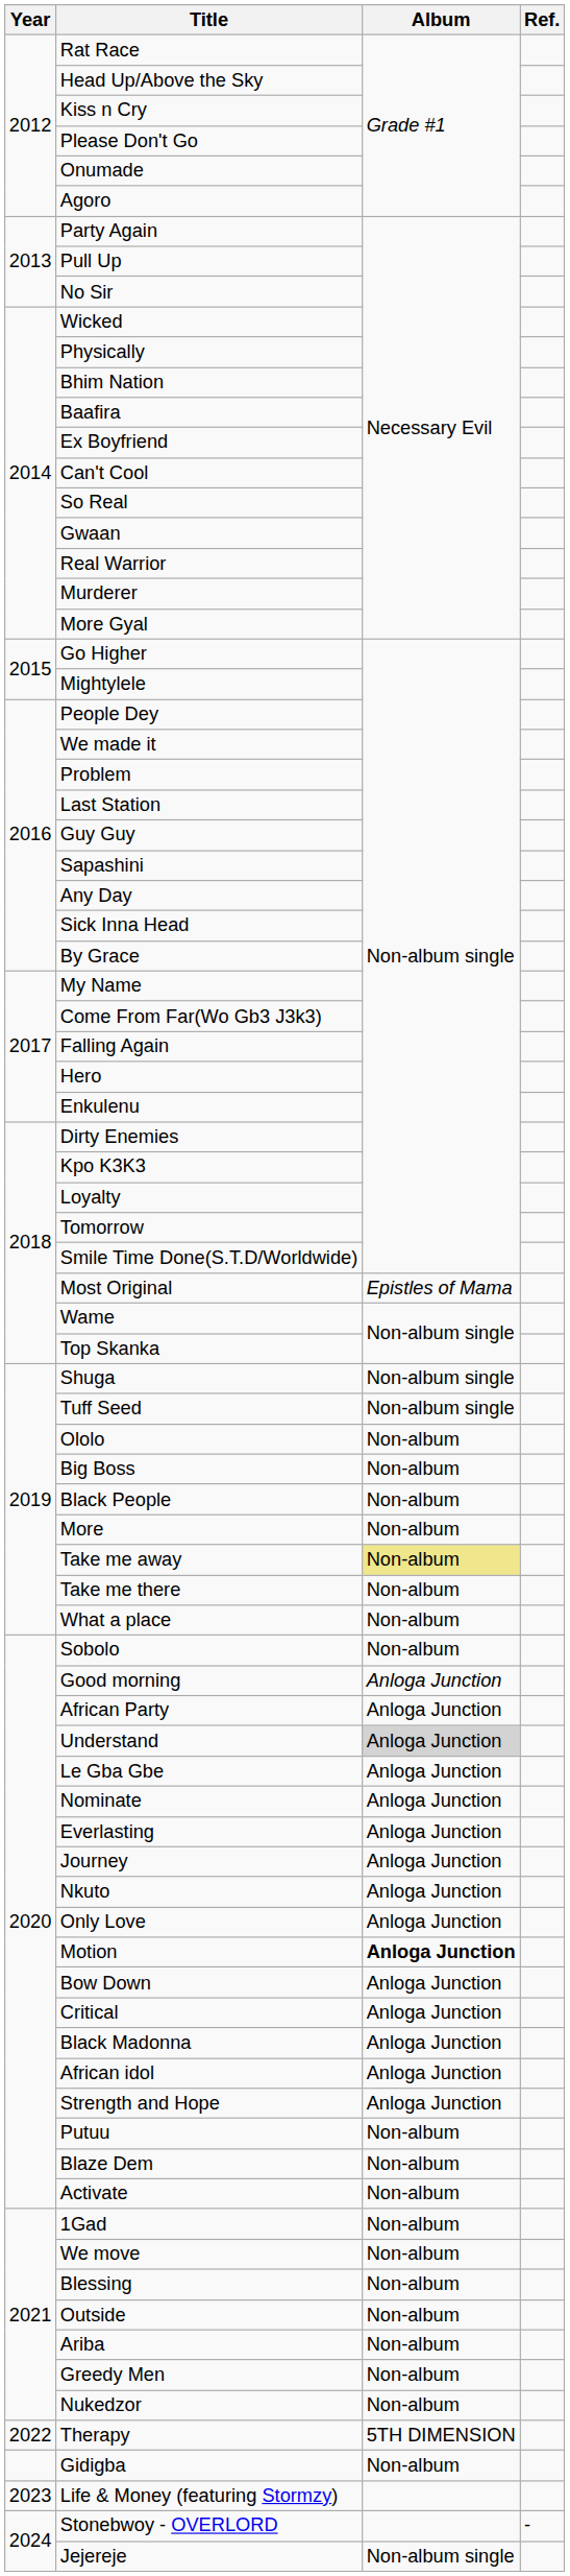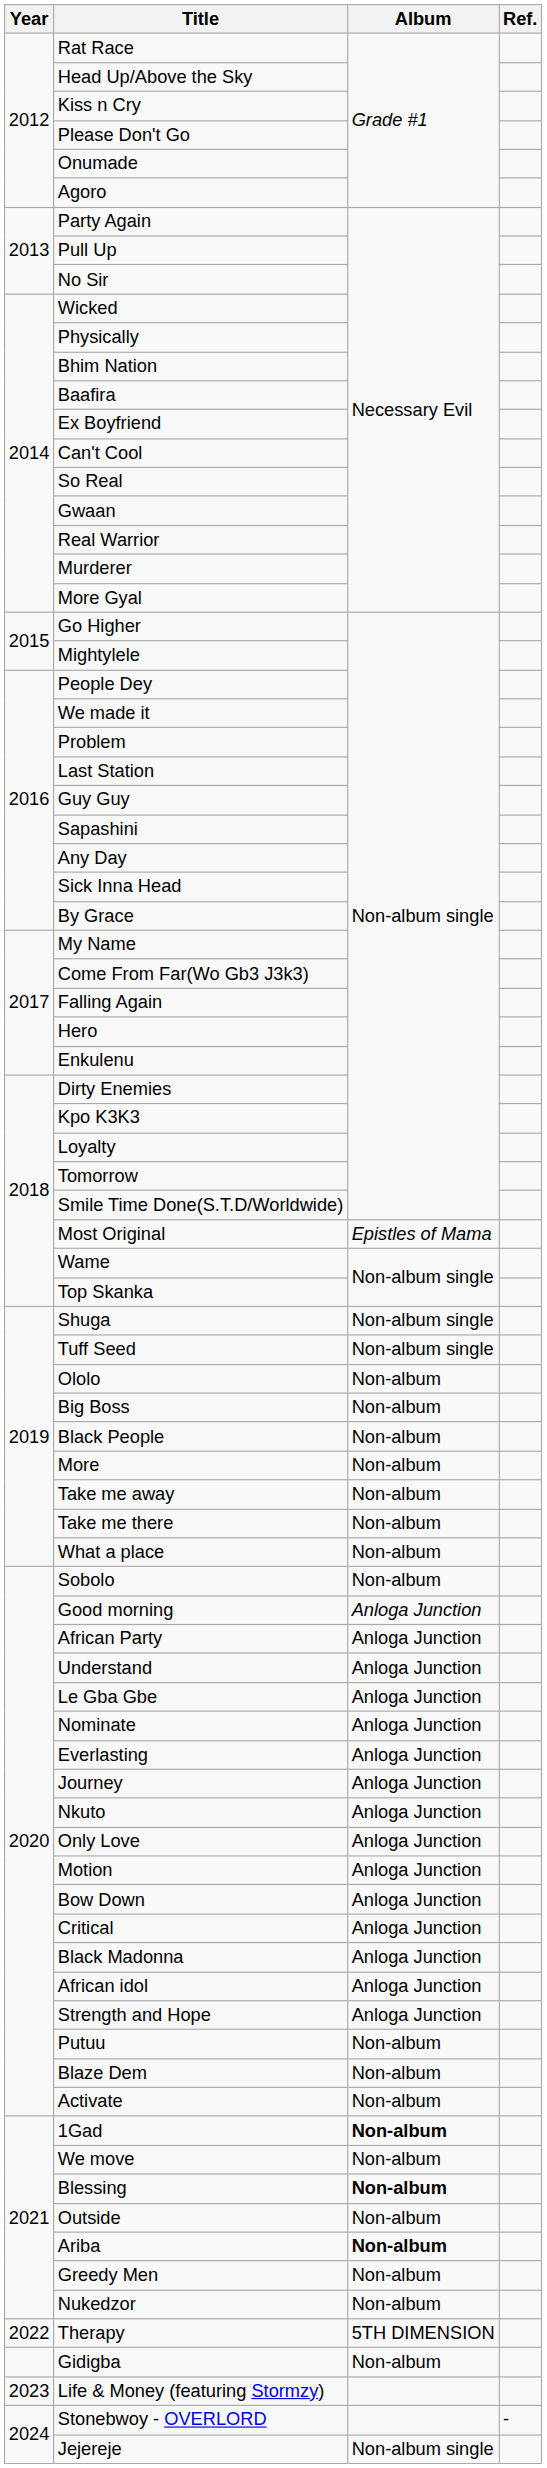 <table class="wikitable">
 <tr>
 <th>Year</th>
 <th>Title</th>
 <th>Album</th>
 <th>Ref.</th>
 </tr>
 <tr>
 <td rowspan="6">2012</td>
 <td>Rat Race</td>
 <td rowspan="6"><em>Grade #1</em></td>
 <td></td>
 </tr>
 <tr>
 <td>Head Up/Above the Sky</td>
 <td></td>
 </tr>
 <tr>
 <td>Kiss n Cry</td>
 <td></td>
 </tr>
 <tr>
 <td>Please Don't Go</td>
 <td></td>
 </tr>
 <tr>
 <td>Onumade</td>
 <td></td>
 </tr>
 <tr>
 <td>Agoro</td>
 <td></td>
 </tr>
 <tr>
 <td rowspan="3">2013</td>
 <td>Party Again</td>
 <td rowspan="14">Necessary Evil</td>
 <td></td>
 </tr>
 <tr>
 <td>Pull Up</td>
 <td></td>
 </tr>
 <tr>
 <td>No Sir</td>
 <td></td>
 </tr>
 <tr>
 <td rowspan="11">2014</td>
 <td>Wicked</td>
 <td></td>
 </tr>
 <tr>
 <td>Physically</td>
 <td></td>
 </tr>
 <tr>
 <td>Bhim Nation</td>
 <td></td>
 </tr>
 <tr>
 <td>Baafira</td>
 <td></td>
 </tr>
 <tr>
 <td>Ex Boyfriend</td>
 <td></td>
 </tr>
 <tr>
 <td>Can't Cool</td>
 <td></td>
 </tr>
 <tr>
 <td>So Real</td>
 <td></td>
 </tr>
 <tr>
 <td>Gwaan</td>
 <td></td>
 </tr>
 <tr>
 <td>Real Warrior</td>
 <td></td>
 </tr>
 <tr>
 <td>Murderer</td>
 <td></td>
 </tr>
 <tr>
 <td>More Gyal</td>
 <td></td>
 </tr>
 <tr>
 <td rowspan="2">2015</td>
 <td>Go Higher</td>
 <td rowspan="21">Non-album single</td>
 <td></td>
 </tr>
 <tr>
 <td>Mightylele</td>
 <td></td>
 </tr>
 <tr>
 <td rowspan="9">2016</td>
 <td>People Dey</td>
 <td></td>
 </tr>
 <tr>
 <td>We made it</td>
 <td></td>
 </tr>
 <tr>
 <td>Problem</td>
 <td></td>
 </tr>
 <tr>
 <td>Last Station</td>
 <td></td>
 </tr>
 <tr>
 <td>Guy Guy</td>
 <td></td>
 </tr>
 <tr>
 <td>Sapashini</td>
 <td></td>
 </tr>
 <tr>
 <td>Any Day</td>
 <td></td>
 </tr>
 <tr>
 <td>Sick Inna Head</td>
 <td></td>
 </tr>
 <tr>
 <td>By Grace</td>
 <td></td>
 </tr>
 <tr>
 <td rowspan="5">2017</td>
 <td>My Name</td>
 <td></td>
 </tr>
 <tr>
 <td>Come From Far(Wo Gb3 J3k3)</td>
 <td></td>
 </tr>
 <tr>
 <td>Falling Again</td>
 <td></td>
 </tr>
 <tr>
 <td>Hero</td>
 <td></td>
 </tr>
 <tr>
 <td>Enkulenu</td>
 <td></td>
 </tr>
 <tr>
 <td rowspan="8">2018</td>
 <td>Dirty Enemies</td>
 <td></td>
 </tr>
 <tr>
 <td>Kpo K3K3</td>
 <td></td>
 </tr>
 <tr>
 <td>Loyalty</td>
 <td></td>
 </tr>
 <tr>
 <td>Tomorrow</td>
 <td></td>
 </tr>
 <tr>
 <td>Smile Time Done(S.T.D/Worldwide)</td>
 <td></td>
 </tr>
 <tr>
 <td>Most Original</td>
 <td><em>Epistles of Mama</em></td>
 <td></td>
 </tr>
 <tr>
 <td>Wame</td>
 <td rowspan="2">Non-album single</td>
 <td></td>
 </tr>
 <tr>
 <td>Top Skanka</td>
 <td></td>
 </tr>
 <tr>
 <td rowspan="9">2019</td>
 <td>Shuga</td>
 <td>Non-album single</td>
 <td></td>
 </tr>
 <tr>
 <td>Tuff Seed</td>
 <td>Non-album single</td>
 <td></td>
 </tr>
 <tr>
 <td>Ololo</td>
 <td>Non-album</td>
 <td></td>
 </tr>
 <tr>
 <td>Big Boss</td>
 <td>Non-album</td>
 <td></td>
 </tr>
 <tr>
 <td>Black People</td>
 <td>Non-album</td>
 <td></td>
 </tr>
 <tr>
 <td>More</td>
 <td>Non-album</td>
 <td></td>
 </tr>
 <tr>
 <td>Take me away</td>
-<td style="background: khaki;">Non-album</td>
+<td>Non-album</td>
 <td></td>
 </tr>
 <tr>
 <td>Take me there</td>
 <td>Non-album</td>
 <td></td>
 </tr>
 <tr>
 <td>What a place</td>
 <td>Non-album</td>
 <td></td>
 </tr>
 <tr>
 <td rowspan="19">2020</td>
 <td>Sobolo</td>
 <td>Non-album</td>
 <td></td>
 </tr>
 <tr>
 <td>Good morning</td>
 <td><em>Anloga Junction</em></td>
 <td></td>
 </tr>
 <tr>
 <td>African Party</td>
 <td>Anloga Junction</td>
 <td></td>
 </tr>
 <tr>
 <td>Understand</td>
-<td style="background: lightgrey;">Anloga Junction</td>
+<td>Anloga Junction</td>
 <td></td>
 </tr>
 <tr>
 <td>Le Gba Gbe</td>
 <td>Anloga Junction</td>
 <td></td>
 </tr>
 <tr>
 <td>Nominate</td>
 <td>Anloga Junction</td>
 <td></td>
 </tr>
 <tr>
 <td>Everlasting</td>
 <td>Anloga Junction</td>
 <td></td>
 </tr>
 <tr>
 <td>Journey</td>
 <td>Anloga Junction</td>
 <td></td>
 </tr>
 <tr>
 <td>Nkuto</td>
 <td>Anloga Junction</td>
 <td></td>
 </tr>
 <tr>
 <td>Only Love</td>
 <td>Anloga Junction</td>
 <td></td>
 </tr>
 <tr>
 <td>Motion</td>
-<td><strong>Anloga Junction</strong></td>
+<td>Anloga Junction</td>
 <td></td>
 </tr>
 <tr>
 <td>Bow Down</td>
 <td>Anloga Junction</td>
 <td></td>
 </tr>
 <tr>
 <td>Critical</td>
 <td>Anloga Junction</td>
 <td></td>
 </tr>
 <tr>
 <td>Black Madonna</td>
 <td>Anloga Junction</td>
 <td></td>
 </tr>
 <tr>
 <td>African idol</td>
 <td>Anloga Junction</td>
 <td></td>
 </tr>
 <tr>
 <td>Strength and Hope</td>
 <td>Anloga Junction</td>
 <td></td>
 </tr>
 <tr>
 <td>Putuu</td>
 <td>Non-album</td>
 <td></td>
 </tr>
 <tr>
 <td>Blaze Dem</td>
 <td>Non-album</td>
 <td></td>
 </tr>
 <tr>
 <td>Activate</td>
 <td>Non-album</td>
 <td></td>
 </tr>
 <tr>
 <td rowspan="7">2021</td>
 <td>1Gad</td>
-<td>Non-album</td>
+<td><strong>Non-album</strong></td>
 <td></td>
 </tr>
 <tr>
 <td>We move</td>
 <td>Non-album</td>
 <td></td>
 </tr>
 <tr>
 <td>Blessing</td>
-<td>Non-album</td>
+<td><strong>Non-album</strong></td>
 <td></td>
 </tr>
 <tr>
 <td>Outside</td>
 <td>Non-album</td>
 <td></td>
 </tr>
 <tr>
 <td>Ariba</td>
-<td>Non-album</td>
+<td><strong>Non-album</strong></td>
 <td></td>
 </tr>
 <tr>
 <td>Greedy Men</td>
 <td>Non-album</td>
 <td></td>
 </tr>
 <tr>
 <td>Nukedzor</td>
 <td>Non-album</td>
 <td></td>
 </tr>
 <tr>
 <td>2022</td>
 <td>Therapy</td>
 <td>5TH DIMENSION</td>
 <td></td>
 </tr>
 <tr>
 <td></td>
 <td>Gidigba</td>
 <td>Non-album</td>
 <td></td>
 </tr>
 <tr>
 <td>2023</td>
 <td>Life & Money (featuring <a href='#'>Stormzy</a>)</td>
 <td></td>
 <td></td>
 </tr>
 <tr>
 <td rowspan="2">2024</td>
 <td>Stonebwoy - <a href='#'>OVERLORD</a></td>
 <td></td>
 <td>-</td>
 </tr>
 <tr>
 <td>Jejereje</td>
 <td>Non-album single</td>
 <td></td>
 </tr>
 </table>
